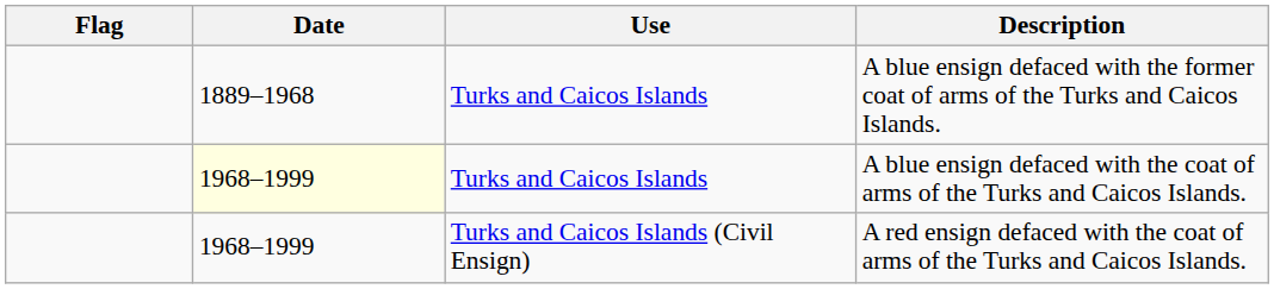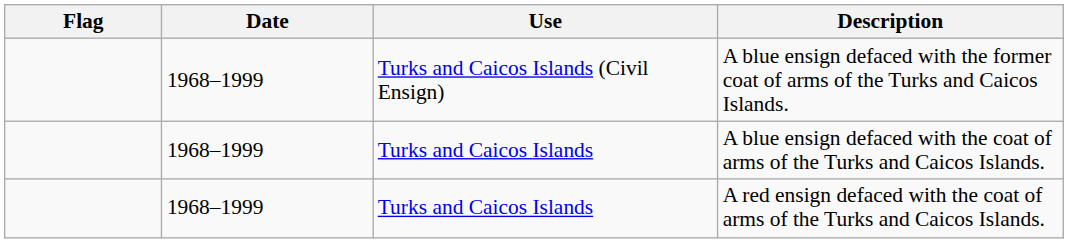 <table class="wikitable">
 <tr style="background:#efefef;">
 <th style="width:110px;">Flag</th>
 <th style="width:150px;">Date</th>
 <th style="width:250px;">Use</th>
 <th style="width:250px;">Description</th>
 </tr>
 <tr>
 <td></td>
-<td>1889–1968</td>
-<td><a href='#'>Turks and Caicos Islands</a></td>
+<td>1968–1999</td>
+<td><a href='#'>Turks and Caicos Islands</a> (Civil Ensign)</td>
 <td>A blue ensign defaced with the former coat of arms of the Turks and Caicos Islands.</td>
 </tr>
 <tr>
 <td></td>
-<td style="background: lightyellow;">1968–1999</td>
+<td>1968–1999</td>
 <td><a href='#'>Turks and Caicos Islands</a></td>
 <td>A blue ensign defaced with the coat of arms of the Turks and Caicos Islands.</td>
 </tr>
 <tr>
 <td></td>
 <td>1968–1999</td>
-<td><a href='#'>Turks and Caicos Islands</a> (Civil Ensign)</td>
+<td><a href='#'>Turks and Caicos Islands</a></td>
 <td>A red ensign defaced with the coat of arms of the Turks and Caicos Islands.</td>
 </tr>
 </table>
